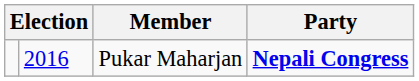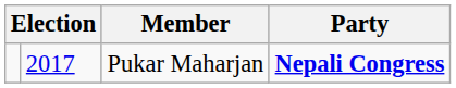 <table class="wikitable">
 <tr>
 <th colspan="2">Election</th>
 <th>Member</th>
 <th>Party</th>
 </tr>
 <tr>
 <td style="background-color:"></td>
-<td><a href='#'>2016</a></td>
+<td><a href='#'>2017</a></td>
 <td>Pukar Maharjan</td>
 <td><strong><a href='#'>Nepali Congress</a></strong></td>
 </tr>
 </table>
